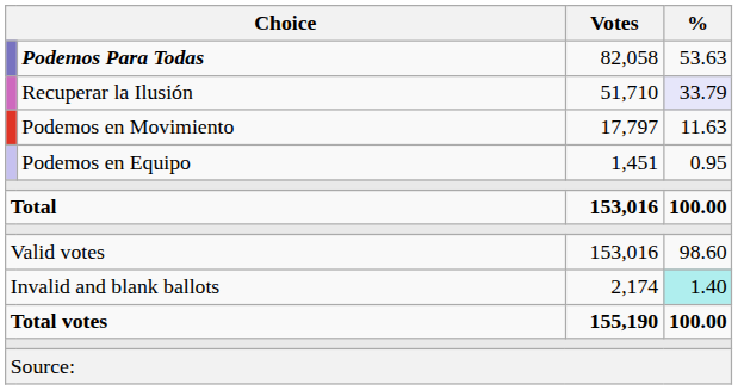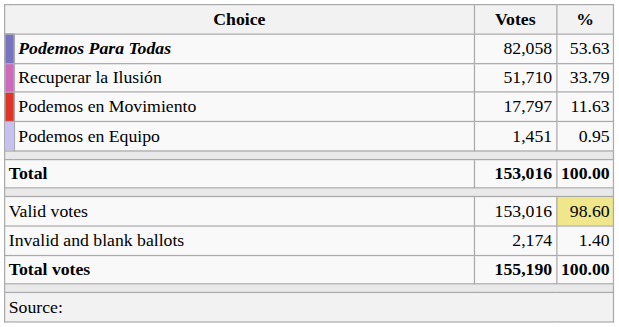 <table class="wikitable" style="text-align:right; font-size:90%;">
 <tr>
 <th colspan="2" width="375">Choice</th>
 <th width="60">Votes</th>
 <th width="40">%</th>
 </tr>
 <tr>
 <td width="1" style="color:inherit;background:#7873C0"></td>
 <td align="left"><strong><em>Podemos Para Todas<em> <strong></td>
 <td></strong>82,058<strong></td>
 <td></strong>53.63<strong></td>
 </tr>
 <tr>
 <td style="color:inherit;background:#CE69BE"></td>
 <td align="left"></em>Recuperar la Ilusión<em> </td>
 <td>51,710</td>
-<td style="background: lavender;">33.79</td>
+<td>33.79</td>
 </tr>
 <tr>
 <td style="color:inherit;background:#E03426"></td>
 <td align="left"></em>Podemos en Movimiento<em> </td>
 <td>17,797</td>
 <td>11.63</td>
 </tr>
 <tr>
 <td style="color:inherit;background:#C6C1F0"></td>
 <td align="left"></em>Podemos en Equipo<em></td>
 <td>1,451</td>
 <td>0.95</td>
 </tr>
 <tr>
 <td colspan="4" bgcolor="#E9E9E9"></td>
 </tr>
 <tr style="font-weight:bold;">
 <td align="left" colspan="2">Total</td>
 <td>153,016</td>
 <td>100.00</td>
 </tr>
 <tr>
 <td colspan="4" bgcolor="#E9E9E9"></td>
 </tr>
 <tr>
 <td align="left" colspan="2">Valid votes</td>
 <td>153,016</td>
-<td>98.60</td>
+<td style="background: khaki;">98.60</td>
 </tr>
 <tr>
 <td align="left" colspan="2">Invalid and blank ballots</td>
 <td>2,174</td>
-<td style="background: paleturquoise;">1.40</td>
+<td>1.40</td>
 </tr>
 <tr style="font-weight:bold;">
 <td align="left" colspan="2">Total votes</td>
 <td>155,190</td>
 <td>100.00</td>
 </tr>
 <tr>
 <td colspan="4" bgcolor="#E9E9E9"></td>
 </tr>
 <tr style="background-color:#F2F2F2">
 <td colspan="4" align="left">Source: </td>
 </tr>
 </table>
